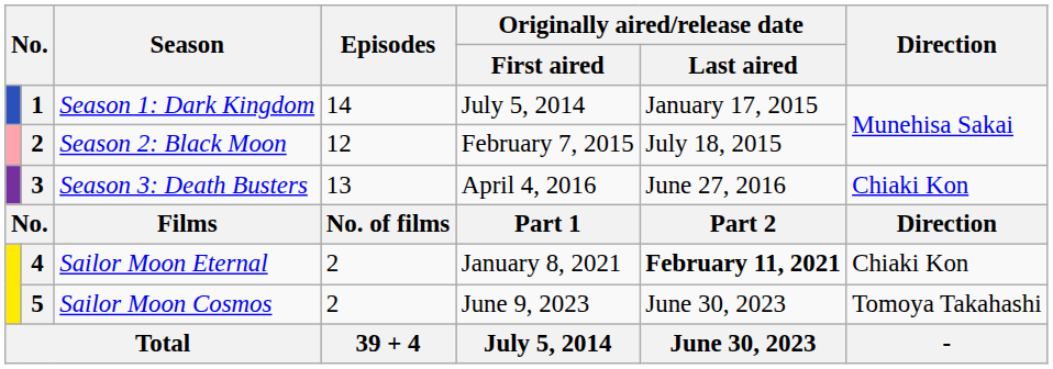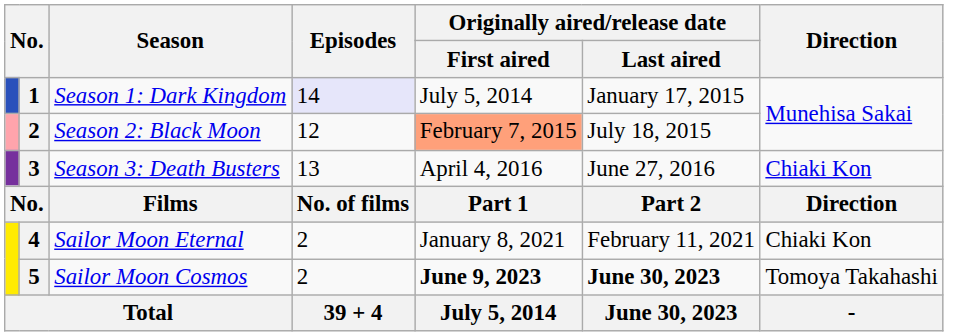 <table class="wikitable">
 <tr>
 <th colspan="2" rowspan="2">No.</th>
 <th rowspan="2">Season</th>
 <th rowspan="2">Episodes</th>
 <th colspan="2">Originally aired/release date</th>
 <th rowspan="2">Direction</th>
 </tr>
 <tr>
 <th>First aired</th>
 <th>Last aired</th>
 </tr>
 <tr>
 <th style="background:#2950BB;"></th>
 <th>1</th>
 <td><em><a href='#'>Season 1: Dark Kingdom</a></em></td>
-<td>14</td>
+<td style="background: lavender;">14</td>
 <td>July 5, 2014</td>
 <td>January 17, 2015</td>
 <td rowspan="2"><a href='#'>Munehisa Sakai</a></td>
 </tr>
 <tr>
 <th style="background:#FFA4AC;"></th>
 <th>2</th>
 <td><em><a href='#'>Season 2: Black Moon</a></em></td>
 <td>12</td>
-<td>February 7, 2015</td>
+<td style="background: lightsalmon;">February 7, 2015</td>
 <td>July 18, 2015</td>
 </tr>
 <tr>
 <th style="background:#76309d;"></th>
 <th>3</th>
 <td><em><a href='#'>Season 3: Death Busters</a></em></td>
 <td>13</td>
 <td>April 4, 2016</td>
 <td>June 27, 2016</td>
 <td><a href='#'>Chiaki Kon</a></td>
 </tr>
 <tr>
 <th colspan="2">No.</th>
 <th><strong>Films</strong></th>
 <th>No. of films</th>
 <th>Part 1</th>
 <th>Part 2</th>
 <th>Direction</th>
 </tr>
 <tr>
 <th rowspan="2" style="background:#ffeb00;"></th>
 <th>4</th>
 <td><em><a href='#'>Sailor Moon Eternal</a></em></td>
 <td>2</td>
 <td>January 8, 2021</td>
-<td><strong>February 11, 2021</strong></td>
+<td>February 11, 2021</td>
 <td>Chiaki Kon</td>
 </tr>
 <tr>
 <th>5</th>
 <td><em><a href='#'>Sailor Moon Cosmos</a></em></td>
 <td>2</td>
-<td>June 9, 2023</td>
-<td>June 30, 2023</td>
+<td><strong>June 9, 2023</strong></td>
+<td><strong>June 30, 2023</strong></td>
 <td>Tomoya Takahashi</td>
 </tr>
 <tr>
 <th colspan="3">Total</th>
 <th>39 + 4</th>
 <th>July 5, 2014</th>
 <th>June 30, 2023</th>
 <th>-</th>
 </tr>
 </table>
